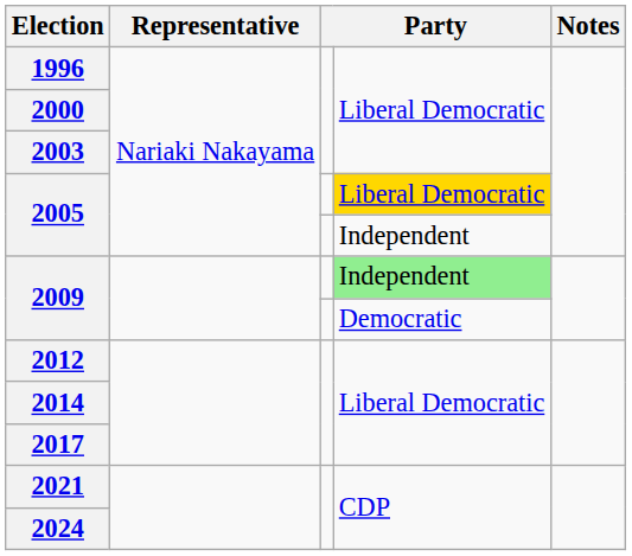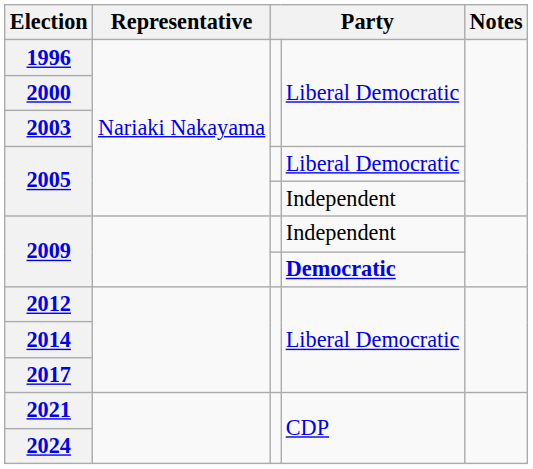 <table class=wikitable>
 <tr valign=bottom>
 <th>Election</th>
 <th>Representative</th>
 <th colspan="2">Party</th>
 <th>Notes</th>
 </tr>
 <tr>
 <th><a href='#'>1996</a>  </th>
 <td rowspan="5"><a href='#'>Nariaki Nakayama</a></td>
 <td rowspan="3" bgcolor=></td>
 <td rowspan="3"><a href='#'>Liberal Democratic</a></td>
 <td rowspan="5"></td>
 </tr>
 <tr>
 <th><a href='#'>2000</a></th>
 </tr>
 <tr>
 <th><a href='#'>2003</a></th>
 </tr>
 <tr>
 <th rowspan="2"><a href='#'>2005</a></th>
 <td bgcolor=></td>
-<td style="background: gold;"><a href='#'>Liberal Democratic</a></td>
+<td><a href='#'>Liberal Democratic</a></td>
 </tr>
 <tr>
 <td bgcolor=></td>
 <td>Independent</td>
 </tr>
 <tr>
 <th rowspan="2"><a href='#'>2009</a></th>
 <td rowspan="2"></td>
 <td bgcolor=></td>
-<td style="background: lightgreen;">Independent</td>
+<td>Independent</td>
 <td rowspan="2"></td>
 </tr>
 <tr>
 <td bgcolor=></td>
-<td><a href='#'>Democratic</a></td>
+<td><strong><a href='#'>Democratic</a></strong></td>
 </tr>
 <tr>
 <th><a href='#'>2012</a></th>
 <td rowspan="3"></td>
 <td rowspan="3" bgcolor=></td>
 <td rowspan="3"><a href='#'>Liberal Democratic</a></td>
 <td rowspan="3"></td>
 </tr>
 <tr>
 <th><a href='#'>2014</a></th>
 </tr>
 <tr>
 <th><a href='#'>2017</a></th>
 </tr>
 <tr>
 <th><a href='#'>2021</a></th>
 <td rowspan="2"></td>
 <td rowspan="2" bgcolor=></td>
 <td rowspan="2"><a href='#'>CDP</a></td>
 <td rowspan="2"></td>
 </tr>
 <tr>
 <th><a href='#'>2024</a></th>
 </tr>
 </table>
